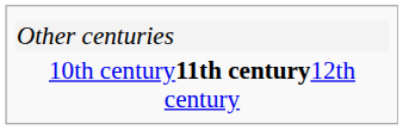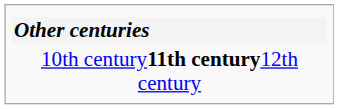 <table class="infobox" width="250">
 <tr>
 <td></td>
 </tr>
 <tr style="background-color:#f3f3f3">
-<td><em>Other centuries</em></td>
+<td><strong><em>Other centuries</em></strong></td>
 </tr>
 <tr>
 <td align="center"><a href='#'>10th century</a><strong>11th century</strong><a href='#'>12th century</a></td>
 </tr>
 </table>
